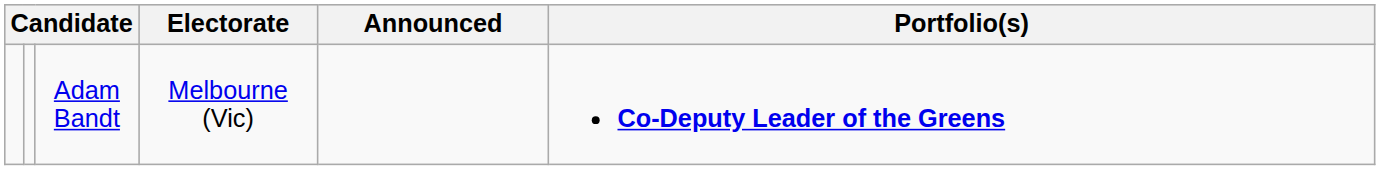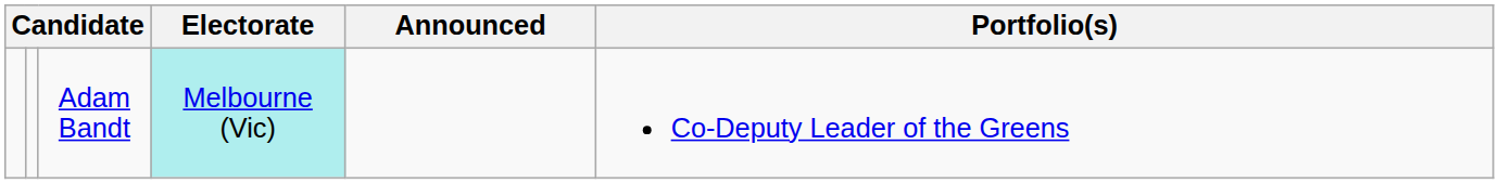 <table class="wikitable" style="text-align:center">
 <tr>
 <th width=235px; colspan=3>Candidate</th>
 <th width=115px>Electorate</th>
 <th width=155px>Announced</th>
 <th width=650px>Portfolio(s)</th>
 </tr>
 <tr>
 <td width="3pt" > </td>
 <td></td>
 <td><a href='#'>Adam Bandt</a></td>
-<td><a href='#'>Melbourne</a> (Vic)</td>
+<td style="background: paleturquoise;"><a href='#'>Melbourne</a> (Vic)</td>
 <td></td>
-<td align=left><strong><br><ul><li><a href='#'>Co-Deputy Leader of the Greens</a></li></ul></strong></td>
+<td align=left><br><ul><li><a href='#'>Co-Deputy Leader of the Greens</a></li></ul></td>
 </tr>
 </table>
